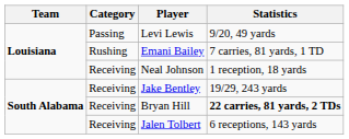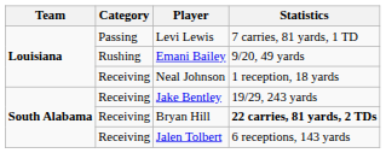 <table class="wikitable" style="float: left;">
 <tr>
 <th>Team</th>
 <th>Category</th>
 <th>Player</th>
 <th>Statistics</th>
 </tr>
 <tr>
 <td rowspan=3><strong>Louisiana</strong></td>
 <td>Passing</td>
 <td>Levi Lewis</td>
-<td>9/20, 49 yards</td>
+<td>7 carries, 81 yards, 1 TD</td>
 </tr>
 <tr>
 <td>Rushing</td>
 <td><a href='#'>Emani Bailey</a></td>
-<td>7 carries, 81 yards, 1 TD</td>
+<td>9/20, 49 yards</td>
 </tr>
 <tr>
 <td>Receiving</td>
 <td>Neal Johnson</td>
 <td>1 reception, 18 yards</td>
 </tr>
 <tr>
 <td rowspan=3><strong>South Alabama</strong></td>
 <td>Receiving</td>
 <td><a href='#'>Jake Bentley</a></td>
 <td>19/29, 243 yards</td>
 </tr>
 <tr>
 <td>Receiving</td>
 <td>Bryan Hill</td>
 <td><strong>22 carries, 81 yards, 2 TDs</strong></td>
 </tr>
 <tr>
 <td>Receiving</td>
 <td><a href='#'>Jalen Tolbert</a></td>
 <td>6 receptions, 143 yards</td>
 </tr>
 </table>
